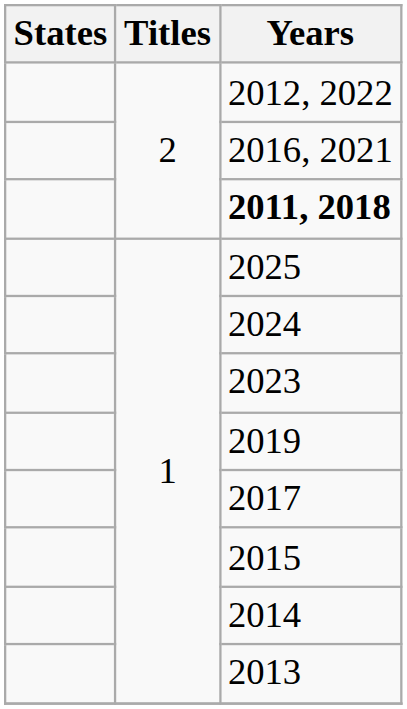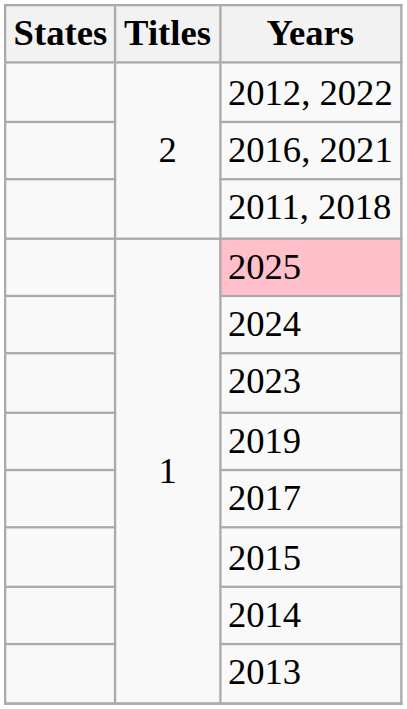 <table class="wikitable">
 <tr>
 <th>States</th>
 <th>Titles</th>
 <th>Years</th>
 </tr>
 <tr>
 <td></td>
 <td rowspan="3" style="text-align:center;">2</td>
 <td>2012, 2022</td>
 </tr>
 <tr>
 <td></td>
 <td>2016, 2021</td>
 </tr>
 <tr>
 <td></td>
-<td><strong>2011, 2018</strong></td>
+<td>2011, 2018</td>
 </tr>
 <tr>
 <td></td>
 <td rowspan="8" style="text-align:center;">1</td>
-<td>2025</td>
+<td style="background: pink;">2025</td>
 </tr>
 <tr>
 <td></td>
 <td>2024</td>
 </tr>
 <tr>
 <td></td>
 <td>2023</td>
 </tr>
 <tr>
 <td></td>
 <td>2019</td>
 </tr>
 <tr>
 <td></td>
 <td>2017</td>
 </tr>
 <tr>
 <td></td>
 <td>2015</td>
 </tr>
 <tr>
 <td></td>
 <td>2014</td>
 </tr>
 <tr>
 <td></td>
 <td>2013</td>
 </tr>
 <tr>
 </tr>
 </table>
